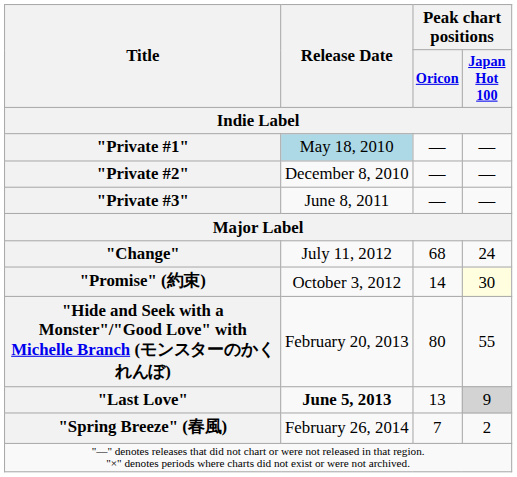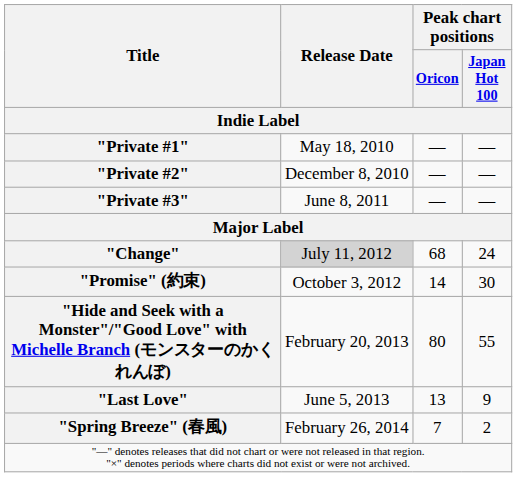 <table class="wikitable plainrowheaders" style="text-align:center;">
 <tr>
 <th scope="col" rowspan="2" style="width:16em;">Title</th>
 <th scope="col" rowspan="2">Release Date</th>
 <th scope="col" colspan="2">Peak chart positions</th>
 </tr>
 <tr>
 <th style="width:3em;font-size:85%"><a href='#'>Oricon</a></th>
 <th style="width:3em;font-size:85%"><a href='#'>Japan Hot 100</a></th>
 </tr>
 <tr>
 <th colspan=6>Indie Label</th>
 </tr>
 <tr>
 <th scope="row">"Private #1"</th>
-<td style="background: lightblue;">May 18, 2010</td>
+<td>May 18, 2010</td>
 <td>—</td>
 <td>—</td>
 </tr>
 <tr>
 <th scope="row">"Private #2"</th>
 <td>December 8, 2010</td>
 <td>—</td>
 <td>—</td>
 </tr>
 <tr>
 <th scope="row">"Private #3"</th>
 <td>June 8, 2011</td>
 <td>—</td>
 <td>—</td>
 </tr>
 <tr>
 <th colspan=6>Major Label</th>
 </tr>
 <tr>
 <th scope="row">"Change"</th>
-<td>July 11, 2012</td>
+<td style="background: lightgrey;">July 11, 2012</td>
 <td>68</td>
 <td>24</td>
 </tr>
 <tr>
 <th scope="row">"Promise" (約束)</th>
 <td>October 3, 2012</td>
 <td>14</td>
-<td style="background: lightyellow;">30</td>
+<td>30</td>
 </tr>
 <tr>
 <th scope="row">"Hide and Seek with a Monster"/"Good Love" with <a href='#'>Michelle Branch</a> (モンスターのかくれんぼ)</th>
 <td>February 20, 2013</td>
 <td>80</td>
 <td>55</td>
 </tr>
 <tr>
 <th scope="row">"Last Love"</th>
-<td><strong>June 5, 2013</strong></td>
+<td>June 5, 2013</td>
 <td>13</td>
-<td style="background: lightgrey;">9</td>
+<td>9</td>
 </tr>
 <tr>
 <th scope="row">"Spring Breeze" (春風)</th>
 <td>February 26, 2014</td>
 <td>7</td>
 <td>2</td>
 </tr>
 <tr>
 <td align="center" colspan="12" style="font-size:8pt">"—" denotes releases that did not chart or were not released in that region.<br>"×" denotes periods where charts did not exist or were not archived.</td>
 </tr>
 </table>
